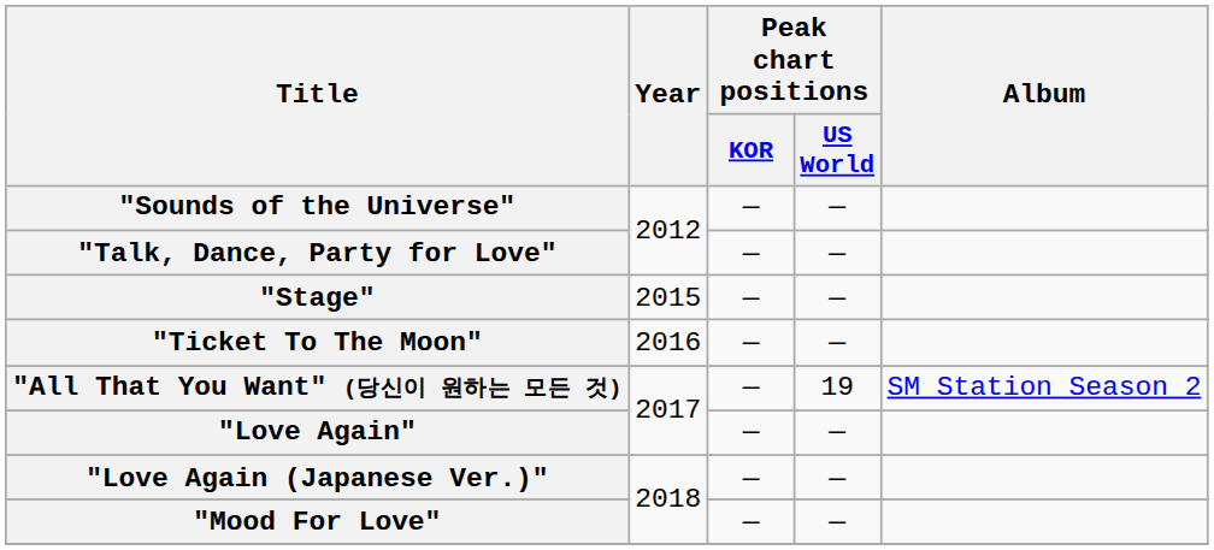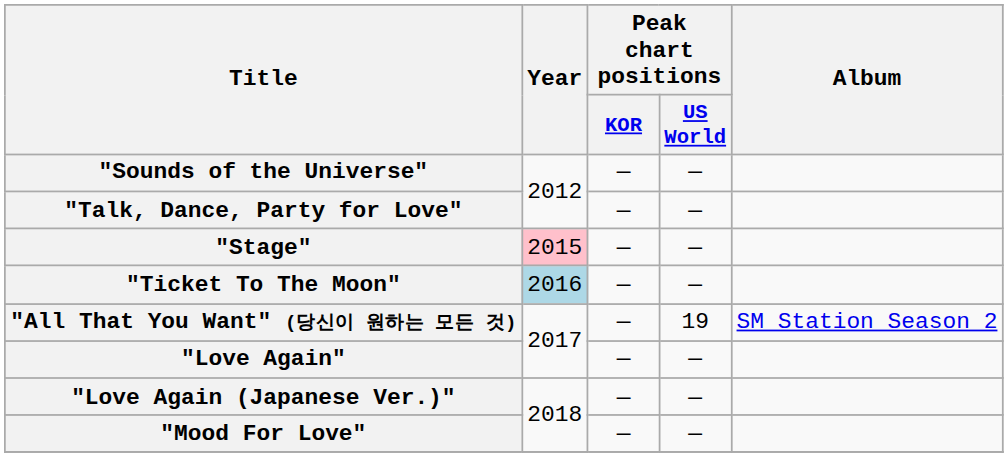 <table class="wikitable plainrowheaders" style="text-align:center;">
 <tr>
 <th rowspan="2">Title</th>
 <th rowspan="2">Year</th>
 <th colspan="2">Peak chart<br>positions</th>
 <th rowspan="2">Album</th>
 </tr>
 <tr>
 <th style="width:3em;font-size:90%;"><a href='#'>KOR</a><br></th>
 <th style="width:3em;font-size:90%;"><a href='#'>US<br>World</a><br></th>
 </tr>
 <tr>
 <th scope="row">"Sounds of the Universe"</th>
 <td rowspan="2">2012</td>
 <td>—</td>
 <td>—</td>
 <td></td>
 </tr>
 <tr>
 <th scope="row">"Talk, Dance, Party for Love"</th>
 <td>—</td>
 <td>—</td>
 <td></td>
 </tr>
 <tr>
 <th scope="row">"Stage"</th>
-<td>2015</td>
+<td style="background: pink;">2015</td>
 <td>—</td>
 <td>—</td>
 <td></td>
 </tr>
 <tr>
 <th scope="row">"Ticket To The Moon"</th>
-<td>2016</td>
+<td style="background: lightblue;">2016</td>
 <td>—</td>
 <td>—</td>
 <td></td>
 </tr>
 <tr>
 <th scope="row">"All That You Want" <small>(당신이 원하는 모든 것)</small></th>
 <td rowspan="2">2017</td>
 <td>—</td>
 <td>19</td>
 <td><a href='#'>SM Station Season 2</a></td>
 </tr>
 <tr>
 <th scope="row">"Love Again"</th>
 <td>—</td>
 <td>—</td>
 <td></td>
 </tr>
 <tr>
 <th scope="row">"Love Again (Japanese Ver.)"</th>
 <td rowspan="2">2018</td>
 <td>—</td>
 <td>—</td>
 <td></td>
 </tr>
 <tr>
 <th scope="row">"Mood For Love"</th>
 <td>—</td>
 <td>—</td>
 <td></td>
 </tr>
 <tr>
 </tr>
 </table>
